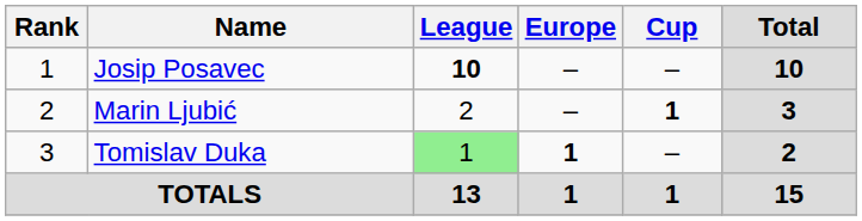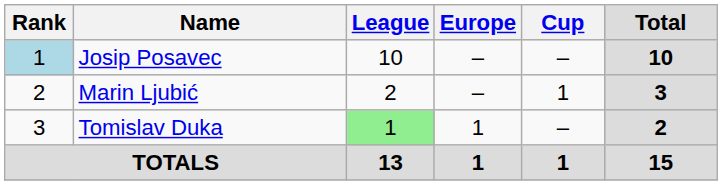 <table class="wikitable" style="font-size: 95%; text-align: center;">
 <tr>
 <th width=40>Rank</th>
 <th width=180>Name</th>
 <th width=50><a href='#'>League</a></th>
 <th width=50><a href='#'>Europe</a></th>
 <th width=50><a href='#'>Cup</a></th>
 <th width=70 style="background: #DCDCDC">Total</th>
 </tr>
 <tr>
-<td>1</td>
+<td style="background: lightblue;">1</td>
 <td style="text-align:left;"> <a href='#'>Josip Posavec</a></td>
-<td><strong>10</strong></td>
+<td>10</td>
 <td>–</td>
 <td>–</td>
 <th style="background: #DCDCDC">10</th>
 </tr>
 <tr>
 <td rowspan=1>2</td>
 <td style="text-align:left;"> <a href='#'>Marin Ljubić</a></td>
 <td>2</td>
 <td>–</td>
-<td><strong>1</strong></td>
+<td>1</td>
 <th style="background: #DCDCDC">3</th>
 </tr>
 <tr>
 <td rowspan=1>3</td>
 <td style="text-align:left;"> <a href='#'>Tomislav Duka</a></td>
 <td style="background: lightgreen;">1</td>
-<td><strong>1</strong></td>
+<td>1</td>
 <td>–</td>
 <th style="background: #DCDCDC">2</th>
 </tr>
 <tr>
 <th colspan="2" align="center" style="background: #DCDCDC">TOTALS</th>
 <th style="background: #DCDCDC">13</th>
 <th style="background: #DCDCDC">1</th>
 <th style="background: #DCDCDC">1</th>
 <th style="background: #DCDCDC">15</th>
 </tr>
 </table>
